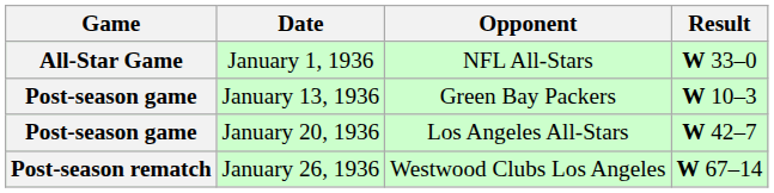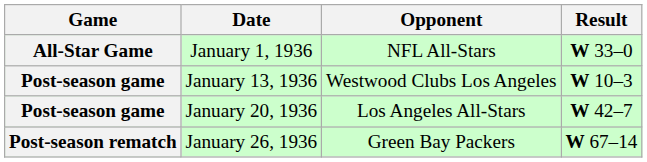 <table class="wikitable" style="text-align:center">
 <tr>
 <th>Game</th>
 <th>Date</th>
 <th>Opponent</th>
 <th>Result</th>
 </tr>
 <tr style="background:#cfc">
 <th>All-Star Game</th>
 <td>January 1, 1936</td>
 <td>NFL All-Stars</td>
 <td><strong>W</strong> 33–0</td>
 </tr>
 <tr style="background:#cfc">
 <th>Post-season game</th>
 <td>January 13, 1936</td>
-<td>Green Bay Packers</td>
+<td>Westwood Clubs Los Angeles</td>
 <td><strong>W</strong> 10–3</td>
 </tr>
 <tr style="background:#cfc">
 <th>Post-season game</th>
 <td>January 20, 1936</td>
 <td>Los Angeles All-Stars</td>
 <td><strong>W</strong> 42–7</td>
 </tr>
 <tr style="background:#cfc">
 <th>Post-season rematch</th>
 <td>January 26, 1936</td>
-<td>Westwood Clubs Los Angeles</td>
+<td>Green Bay Packers</td>
 <td><strong>W</strong> 67–14</td>
 </tr>
 </table>
